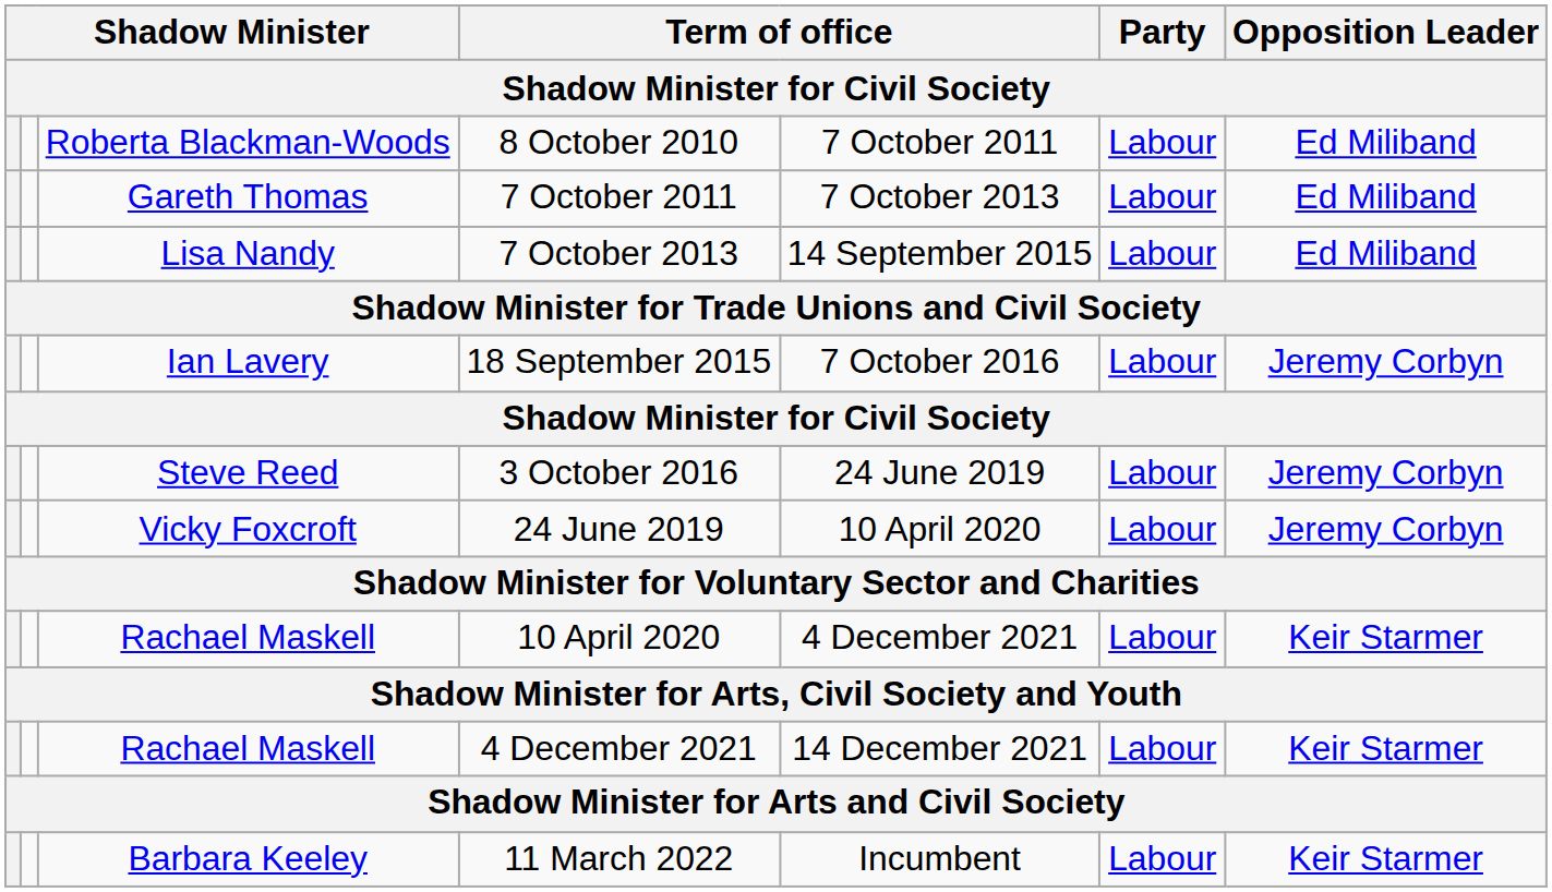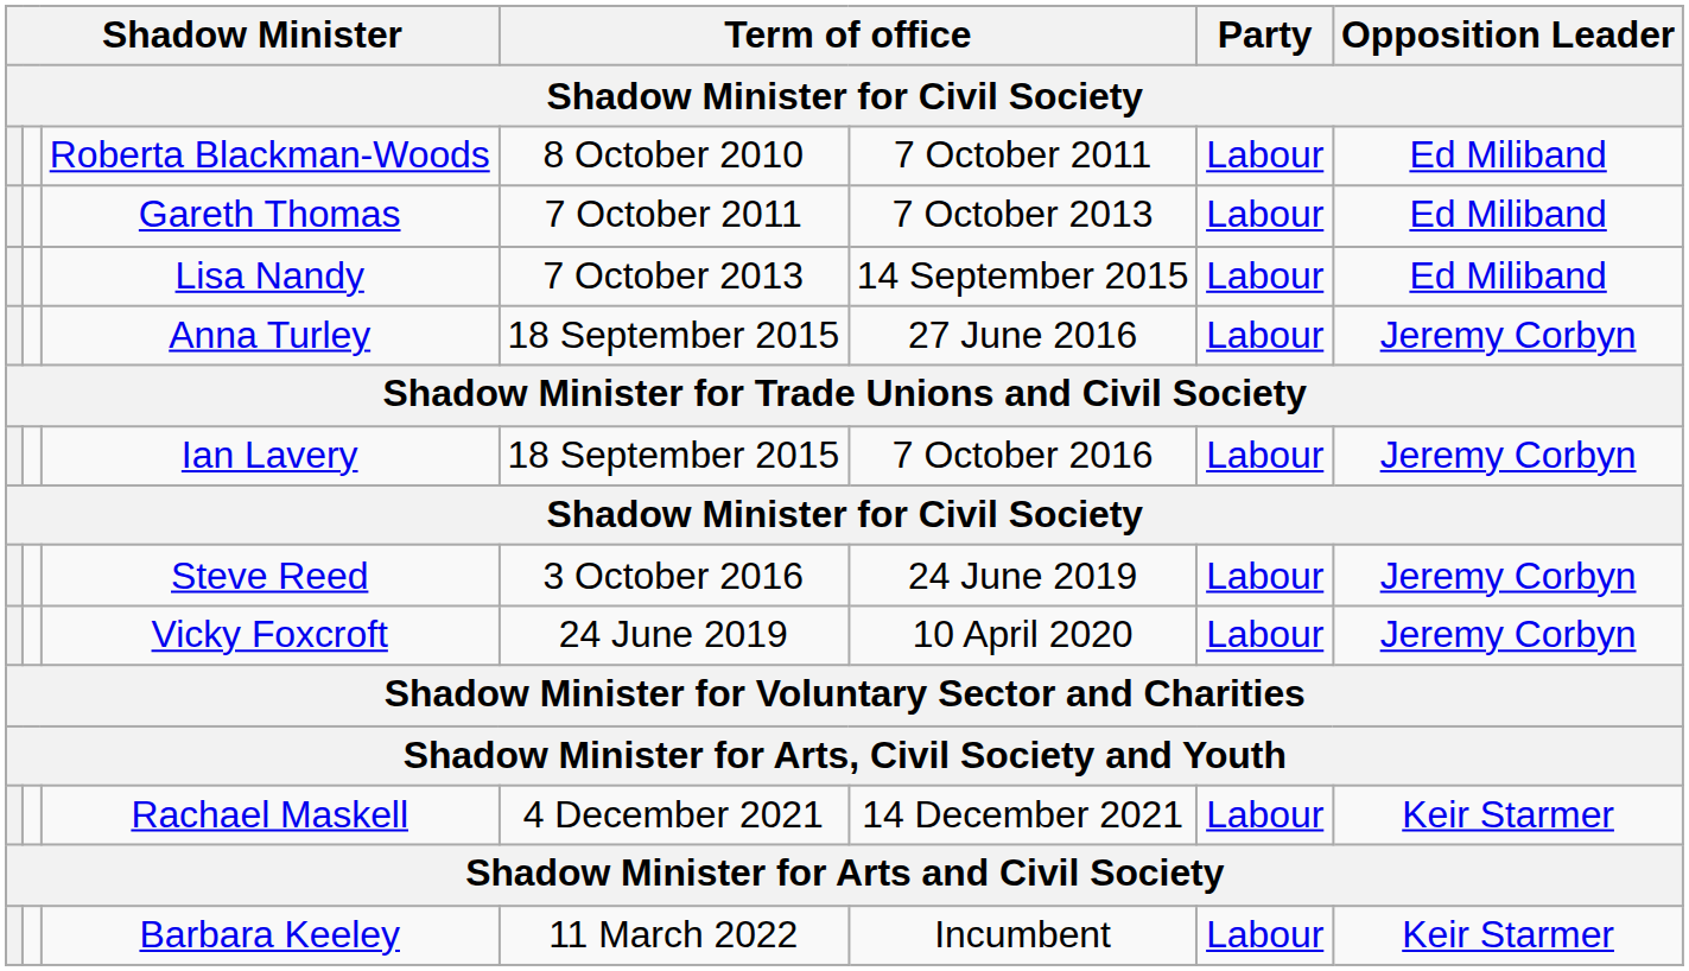 <table class="wikitable" style="text-align:center">
 <tr>
 <th colspan=3>Shadow Minister</th>
 <th colspan=2>Term of office</th>
 <th>Party</th>
 <th>Opposition Leader</th>
 </tr>
 <tr style="height:1em">
 <th colspan=7>Shadow Minister for Civil Society</th>
 </tr>
 <tr style="height:1em">
 <th style="background-color:"></th>
 <td></td>
 <td><a href='#'>Roberta Blackman-Woods</a></td>
 <td>8 October 2010</td>
 <td>7 October 2011</td>
 <td><a href='#'>Labour</a></td>
 <td><a href='#'>Ed Miliband</a></td>
 </tr>
 <tr style="height:1em">
 <th style="background-color:"></th>
 <td></td>
 <td><a href='#'>Gareth Thomas</a></td>
 <td>7 October 2011</td>
 <td>7 October 2013</td>
 <td><a href='#'>Labour</a></td>
 <td><a href='#'>Ed Miliband</a></td>
 </tr>
 <tr style="height:1em">
 <th style="background-color:"></th>
 <td></td>
 <td><a href='#'>Lisa Nandy</a></td>
 <td>7 October 2013</td>
 <td>14 September 2015</td>
 <td><a href='#'>Labour</a></td>
 <td><a href='#'>Ed Miliband</a></td>
+</tr>
+<tr style="height:1em">
+<th style="background-color:"></th>
+<td></td>
+<td><a href='#'>Anna Turley</a></td>
+<td>18 September 2015</td>
+<td>27 June 2016</td>
+<td><a href='#'>Labour</a></td>
+<td><a href='#'>Jeremy Corbyn</a></td>
 </tr>
 <tr>
 <th colspan=7>Shadow Minister for Trade Unions and Civil Society</th>
 </tr>
 <tr style="height:1em">
 <th style="background-color:"></th>
 <td></td>
 <td><a href='#'>Ian Lavery</a></td>
 <td>18 September 2015</td>
 <td>7 October 2016</td>
 <td><a href='#'>Labour</a></td>
 <td><a href='#'>Jeremy Corbyn</a></td>
 </tr>
 <tr>
 <th colspan=7>Shadow Minister for Civil Society</th>
 </tr>
 <tr style="height:1em">
 <th style="background-color:"></th>
 <td></td>
 <td><a href='#'>Steve Reed</a></td>
 <td>3 October 2016</td>
 <td>24 June 2019</td>
 <td><a href='#'>Labour</a></td>
 <td><a href='#'>Jeremy Corbyn</a></td>
 </tr>
 <tr style="height:1em">
 <th style="background-color:"></th>
 <td></td>
 <td><a href='#'>Vicky Foxcroft</a></td>
 <td>24 June 2019</td>
 <td>10 April 2020</td>
 <td><a href='#'>Labour</a></td>
 <td><a href='#'>Jeremy Corbyn</a></td>
 </tr>
 <tr style="height:1em">
 <th colspan=7>Shadow Minister for Voluntary Sector and Charities</th>
 </tr>
 <tr style="height:1em">
-<th style="background-color:"></th>
-<td></td>
-<td><a href='#'>Rachael Maskell</a></td>
-<td>10 April 2020</td>
-<td>4 December 2021</td>
-<td><a href='#'>Labour</a></td>
-<td><a href='#'>Keir Starmer</a></td>
-</tr>
-<tr style="height:1em">
 <th colspan=7>Shadow Minister for Arts, Civil Society and Youth</th>
 </tr>
 <tr style="height:1em">
 <th style="background-color:"></th>
 <td></td>
 <td><a href='#'>Rachael Maskell</a></td>
 <td>4 December 2021</td>
 <td>14 December 2021</td>
 <td><a href='#'>Labour</a></td>
 <td><a href='#'>Keir Starmer</a></td>
 </tr>
 <tr style="height:1em">
 <th colspan=7>Shadow Minister for Arts and Civil Society</th>
 </tr>
 <tr style="height:1em">
 <th style="background-color:"></th>
 <td></td>
 <td><a href='#'>Barbara Keeley</a></td>
 <td>11 March 2022</td>
 <td>Incumbent</td>
 <td><a href='#'>Labour</a></td>
 <td><a href='#'>Keir Starmer</a></td>
 </tr>
 </table>
